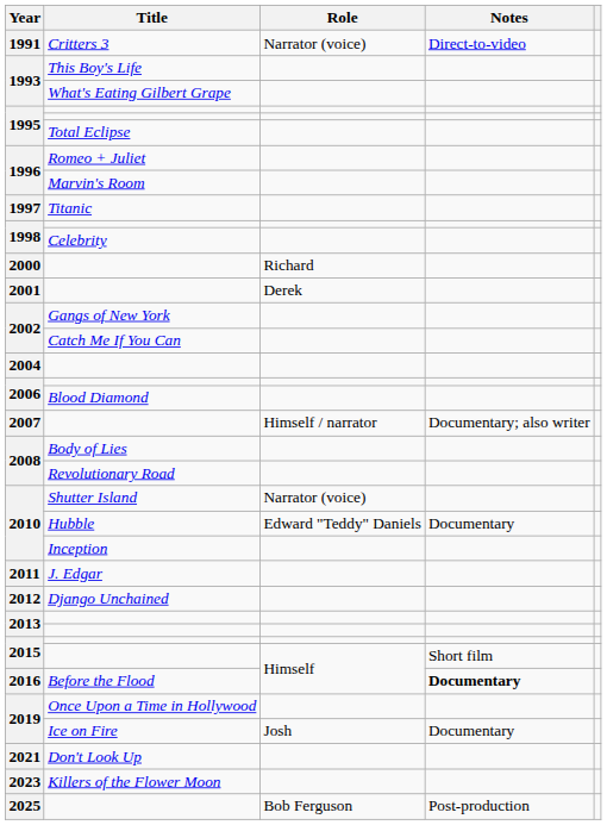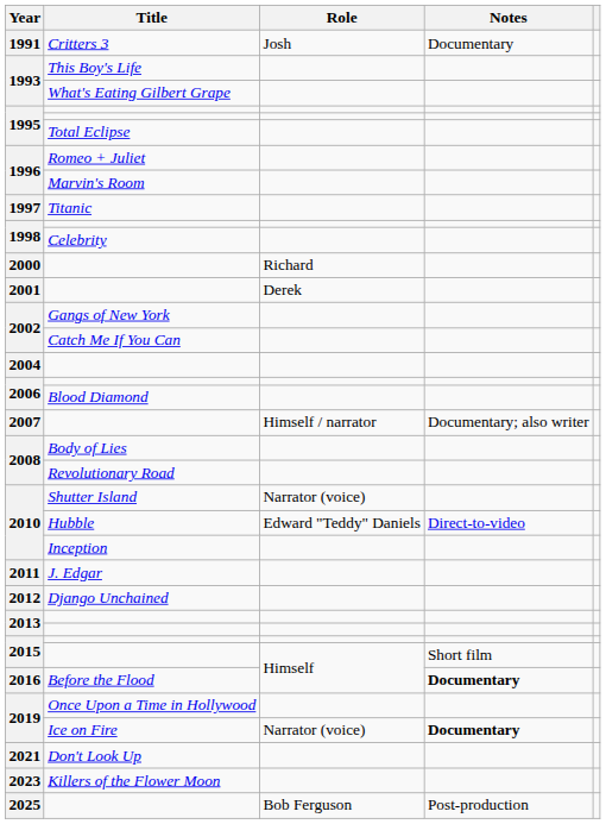 <table class="wikitable plainrowheaders sortable"  style=font-size:100%>
 <tr>
 <th scope="col">Year</th>
 <th scope="col">Title</th>
 <th scope="col" class="unsortable">Role</th>
 <th scope="col" class="unsortable">Notes</th>
 <th scope="col" class="unsortable"></th>
 </tr>
 <tr>
 <th scope="row">1991</th>
 <td><em><a href='#'>Critters 3</a></em></td>
-<td>Narrator (voice)</td>
-<td><a href='#'>Direct-to-video</a></td>
+<td>Josh</td>
+<td>Documentary</td>
 <td style="text-align:center;"></td>
 </tr>
 <tr>
 <th rowspan="2" scope="row">1993</th>
 <td><em><a href='#'>This Boy's Life</a></em></td>
 <td></td>
 <td></td>
 <td style="text-align:center;"></td>
 </tr>
 <tr>
 <td><em><a href='#'>What's Eating Gilbert Grape</a></em></td>
 <td></td>
 <td></td>
 <td style="text-align:center;"></td>
 </tr>
 <tr>
 <th rowspan="3" scope="row">1995</th>
 <td><em></em></td>
 <td></td>
 <td></td>
 <td style="text-align:center;"></td>
 </tr>
 <tr>
 <td><em></em></td>
 <td></td>
 <td></td>
 <td style="text-align:center;"></td>
 </tr>
 <tr>
 <td><em><a href='#'>Total Eclipse</a></em></td>
 <td></td>
 <td></td>
 <td style="text-align:center;"></td>
 </tr>
 <tr>
 <th rowspan="2" scope="row">1996</th>
 <td><em><a href='#'>Romeo + Juliet</a></em></td>
 <td></td>
 <td></td>
 <td style="text-align:center;"></td>
 </tr>
 <tr>
 <td><em><a href='#'>Marvin's Room</a></em></td>
 <td></td>
 <td></td>
 <td style="text-align:center;"></td>
 </tr>
 <tr>
 <th scope="row">1997</th>
 <td><em><a href='#'>Titanic</a></em></td>
 <td></td>
 <td></td>
 <td style="text-align:center;"></td>
 </tr>
 <tr>
 <th rowspan="2" scope="row">1998</th>
 <td><em></em></td>
 <td></td>
 <td></td>
 <td style="text-align:center;"></td>
 </tr>
 <tr>
 <td><em><a href='#'>Celebrity</a></em></td>
 <td></td>
 <td></td>
 <td style="text-align:center;"></td>
 </tr>
 <tr>
 <th scope="row">2000</th>
 <td><em></em></td>
 <td>Richard</td>
 <td></td>
 <td style="text-align:center;"></td>
 </tr>
 <tr>
 <th scope="row">2001</th>
 <td><em></em></td>
 <td>Derek</td>
 <td></td>
 <td style="text-align:center;"></td>
 </tr>
 <tr>
 <th rowspan="2" scope="row">2002</th>
 <td><em><a href='#'>Gangs of New York</a></em></td>
 <td></td>
 <td></td>
 <td style="text-align:center;"></td>
 </tr>
 <tr>
 <td><em><a href='#'>Catch Me If You Can</a></em></td>
 <td></td>
 <td></td>
 <td style="text-align:center;"></td>
 </tr>
 <tr>
 <th scope="row">2004</th>
 <td><em></em></td>
 <td></td>
 <td></td>
 <td style="text-align:center;"></td>
 </tr>
 <tr>
 <th rowspan="2" scope="row">2006</th>
 <td><em></em></td>
 <td></td>
 <td></td>
 <td style="text-align:center;"></td>
 </tr>
 <tr>
 <td><em><a href='#'>Blood Diamond</a></em></td>
 <td></td>
 <td></td>
 <td style="text-align:center;"></td>
 </tr>
 <tr>
 <th scope="row">2007</th>
 <td><em></em></td>
 <td>Himself / narrator</td>
 <td>Documentary; also writer</td>
 <td style="text-align:center;"></td>
 </tr>
 <tr>
 <th rowspan="2" scope="row">2008</th>
 <td><em><a href='#'>Body of Lies</a></em></td>
 <td></td>
 <td></td>
 <td style="text-align:center;"></td>
 </tr>
 <tr>
 <td><em><a href='#'>Revolutionary Road</a></em></td>
 <td></td>
 <td></td>
 <td style="text-align:center;"></td>
 </tr>
 <tr>
 <th rowspan="3" scope="row">2010</th>
 <td><em><a href='#'>Shutter Island</a></em></td>
 <td>Narrator (voice)</td>
 <td></td>
 <td style="text-align:center;"></td>
 </tr>
 <tr>
 <td><em><a href='#'>Hubble</a></em></td>
 <td>Edward "Teddy" Daniels</td>
-<td>Documentary</td>
+<td><a href='#'>Direct-to-video</a></td>
 <td style="text-align:center;"></td>
 </tr>
 <tr>
 <td><em><a href='#'>Inception</a></em></td>
 <td></td>
 <td></td>
 <td style="text-align:center;"></td>
 </tr>
 <tr>
 <th scope="row">2011</th>
 <td><em><a href='#'>J. Edgar</a></em></td>
 <td></td>
 <td></td>
 <td style="text-align:center;"></td>
 </tr>
 <tr>
 <th scope="row">2012</th>
 <td><em><a href='#'>Django Unchained</a></em></td>
 <td></td>
 <td></td>
 <td style="text-align:center;"></td>
 </tr>
 <tr>
 <th rowspan="2" scope="row">2013</th>
 <td></td>
 <td></td>
 <td></td>
 <td style="text-align:center;"></td>
 </tr>
 <tr>
 <td></td>
 <td></td>
 <td></td>
 <td style="text-align:center;"></td>
 </tr>
 <tr>
 <th rowspan="2" scope="row">2015</th>
 <td><em></em></td>
 <td></td>
 <td></td>
 <td style="text-align:center;"></td>
 </tr>
 <tr>
 <td><em></em></td>
 <td rowspan="2">Himself</td>
 <td>Short film</td>
 <td style="text-align:center;"></td>
 </tr>
 <tr>
 <th scope="row">2016</th>
 <td><em><a href='#'>Before the Flood</a></em></td>
 <td><strong>Documentary</strong></td>
 <td style="text-align:center;"></td>
 </tr>
 <tr>
 <th rowspan="2" scope="row">2019</th>
 <td><em><a href='#'>Once Upon a Time in Hollywood</a></em></td>
 <td></td>
 <td></td>
 <td style="text-align:center;"></td>
 </tr>
 <tr>
 <td><em><a href='#'>Ice on Fire</a></em></td>
-<td>Josh</td>
-<td>Documentary</td>
+<td>Narrator (voice)</td>
+<td><strong>Documentary</strong></td>
 <td style="text-align:center;"></td>
 </tr>
 <tr>
 <th scope="row">2021</th>
 <td><em><a href='#'>Don't Look Up</a></em></td>
 <td></td>
 <td></td>
 <td style="text-align:center;"></td>
 </tr>
 <tr>
 <th scope="row">2023</th>
 <td><em><a href='#'>Killers of the Flower Moon</a></em></td>
 <td></td>
 <td></td>
 <td style="text-align:center;"></td>
 </tr>
 <tr>
 <th scope="row">2025</th>
 <td></td>
 <td>Bob Ferguson</td>
 <td>Post-production</td>
 <td style="text-align:center;"><br></td>
 </tr>
 </table>
